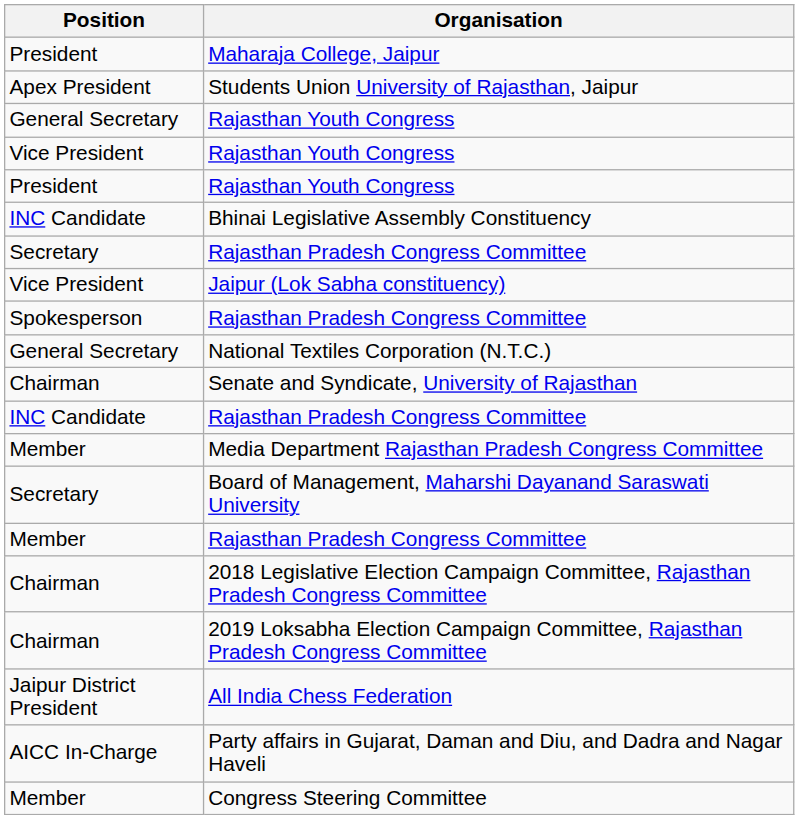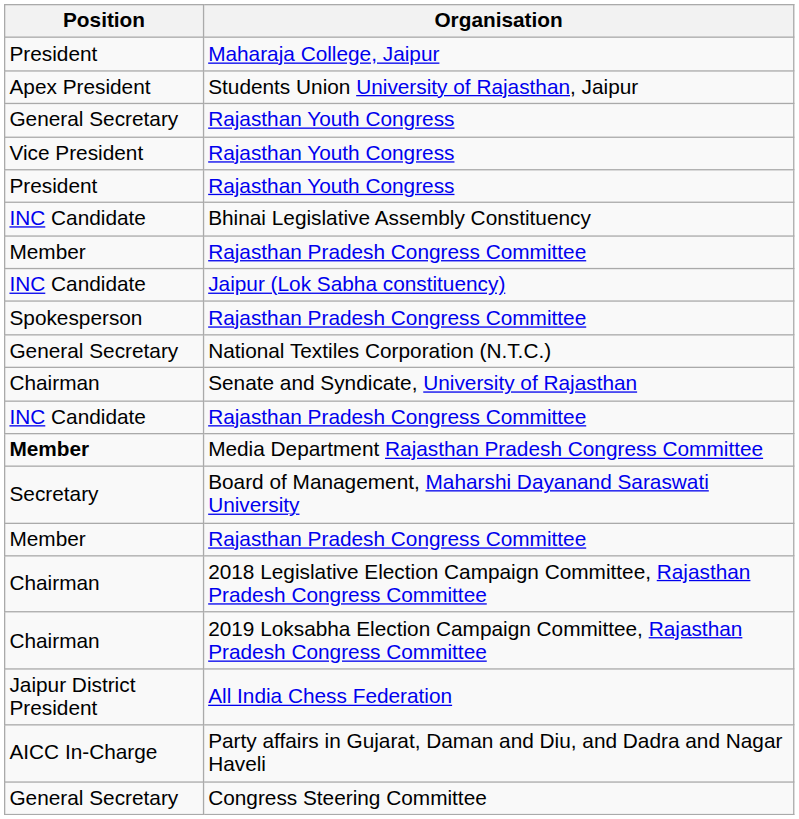 <table class="wikitable">
 <tr>
 <th>Position</th>
 <th>Organisation</th>
 </tr>
 <tr>
 <td>President</td>
 <td><a href='#'>Maharaja College, Jaipur</a></td>
 </tr>
 <tr>
 <td>Apex President</td>
 <td>Students Union <a href='#'>University of Rajasthan</a>, Jaipur</td>
 </tr>
 <tr>
 <td>General Secretary</td>
 <td><a href='#'>Rajasthan Youth Congress</a></td>
 </tr>
 <tr>
 <td>Vice President</td>
 <td><a href='#'>Rajasthan Youth Congress</a></td>
 </tr>
 <tr>
 <td>President</td>
 <td><a href='#'>Rajasthan Youth Congress</a></td>
 </tr>
 <tr>
 <td><a href='#'>INC</a> Candidate</td>
 <td>Bhinai Legislative Assembly Constituency </td>
 </tr>
 <tr>
-<td>Secretary</td>
+<td>Member</td>
 <td><a href='#'>Rajasthan Pradesh Congress Committee</a></td>
 </tr>
 <tr>
-<td>Vice President</td>
+<td><a href='#'>INC</a> Candidate</td>
 <td><a href='#'>Jaipur (Lok Sabha constituency)</a></td>
 </tr>
 <tr>
 <td>Spokesperson</td>
 <td><a href='#'>Rajasthan Pradesh Congress Committee</a></td>
 </tr>
 <tr>
 <td>General Secretary</td>
 <td>National Textiles Corporation (N.T.C.)</td>
 </tr>
 <tr>
 <td>Chairman</td>
 <td>Senate and Syndicate, <a href='#'>University of Rajasthan</a></td>
 </tr>
 <tr>
 <td><a href='#'>INC</a> Candidate</td>
 <td><a href='#'>Rajasthan Pradesh Congress Committee</a></td>
 </tr>
 <tr>
-<td>Member</td>
+<td><strong>Member</strong></td>
 <td>Media Department <a href='#'>Rajasthan Pradesh Congress Committee</a></td>
 </tr>
 <tr>
 <td>Secretary</td>
 <td>Board of Management, <a href='#'>Maharshi Dayanand Saraswati University</a></td>
 </tr>
 <tr>
 <td>Member</td>
 <td><a href='#'>Rajasthan Pradesh Congress Committee</a></td>
 </tr>
 <tr>
 <td>Chairman</td>
 <td>2018 Legislative Election Campaign Committee, <a href='#'>Rajasthan Pradesh Congress Committee</a></td>
 </tr>
 <tr>
 <td>Chairman</td>
 <td>2019 Loksabha Election Campaign Committee, <a href='#'>Rajasthan Pradesh Congress Committee</a></td>
 </tr>
 <tr>
 <td>Jaipur District President</td>
 <td><a href='#'>All India Chess Federation</a></td>
 </tr>
 <tr>
 <td>AICC In-Charge</td>
 <td>Party affairs in Gujarat, Daman and Diu, and Dadra and Nagar Haveli </td>
 </tr>
 <tr>
-<td>Member</td>
+<td>General Secretary</td>
 <td>Congress Steering Committee</td>
 </tr>
 </table>
